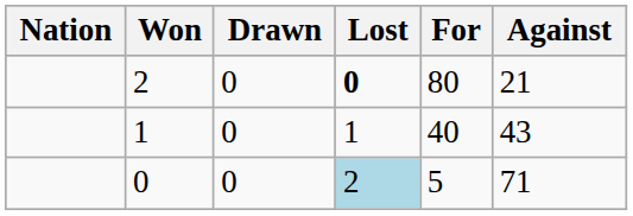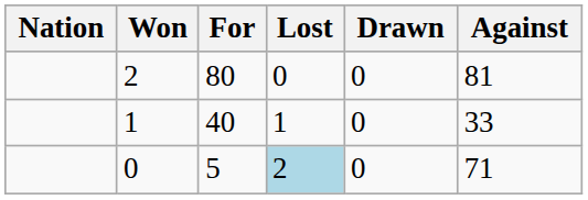 <table class="wikitable" style="width:50%">
 <tr>
 <th>Nation</th>
 <th>Won</th>
+<th>For</th>
+<th>Lost</th>
 <th>Drawn</th>
-<th>Lost</th>
-<th>For</th>
 <th>Against</th>
 </tr>
 <tr>
 <td></td>
 <td>2</td>
+<td>80</td>
 <td>0</td>
-<td><strong>0</strong></td>
-<td>80</td>
-<td>21</td>
+<td>0</td>
+<td>81</td>
 </tr>
 <tr>
 <td></td>
 <td>1</td>
+<td>40</td>
+<td>1</td>
 <td>0</td>
-<td>1</td>
-<td>40</td>
-<td>43</td>
+<td>33</td>
 </tr>
 <tr>
 <td></td>
 <td>0</td>
+<td>5</td>
+<td style="background: lightblue;">2</td>
 <td>0</td>
-<td style="background: lightblue;">2</td>
-<td>5</td>
 <td>71</td>
 </tr>
 </table>
